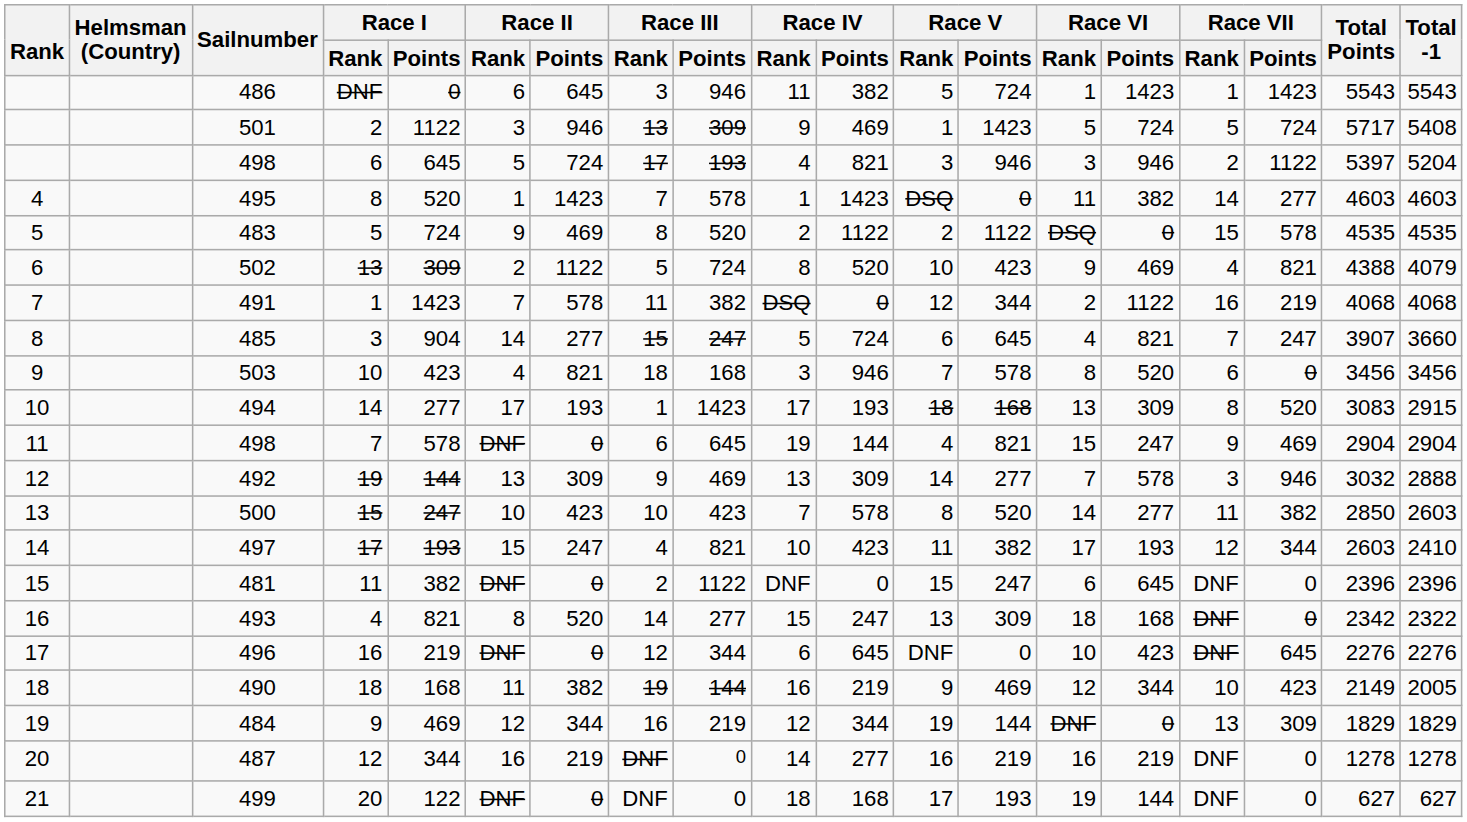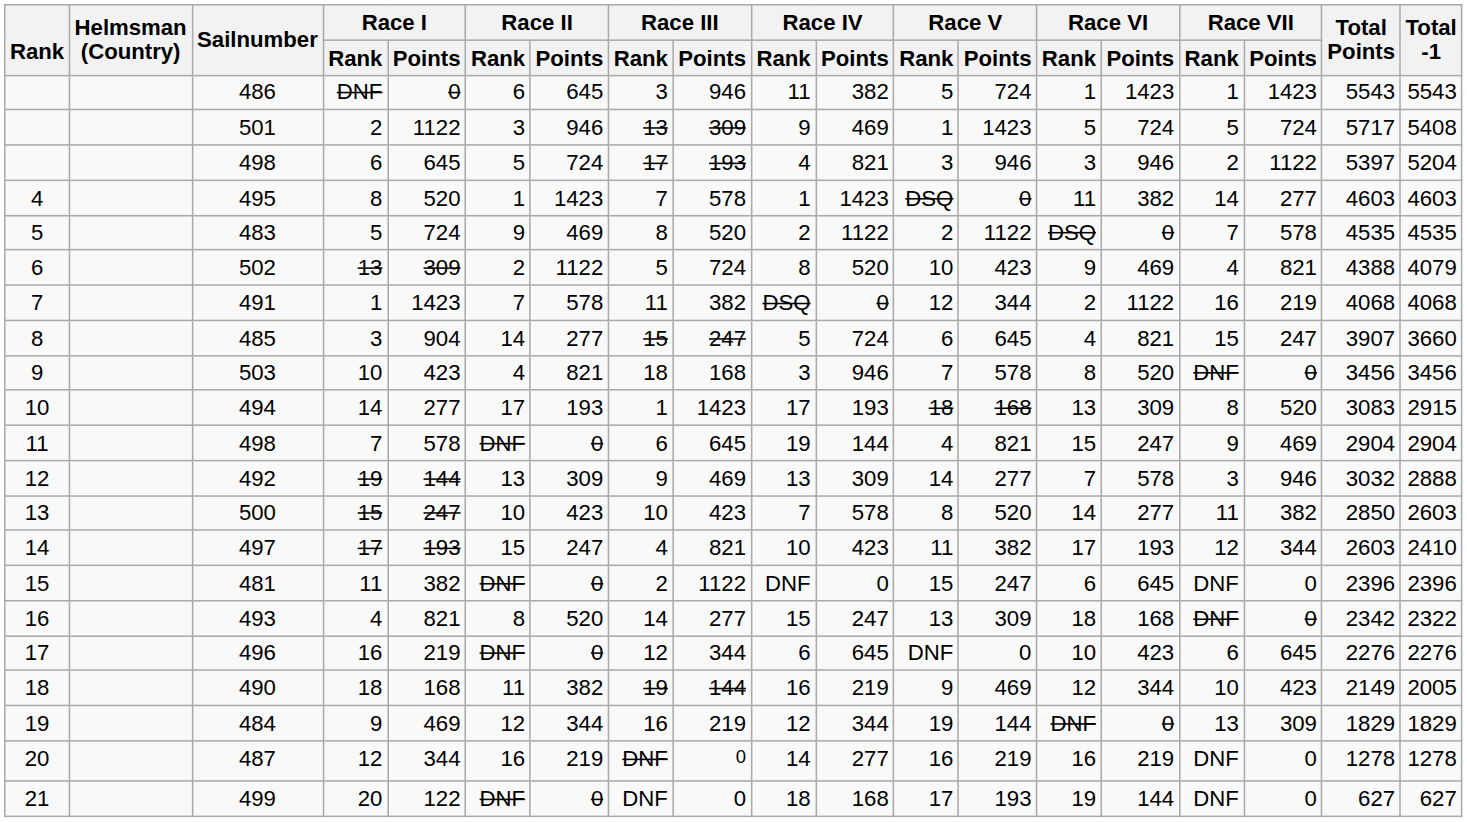 <table class="wikitable" style="text-align:right; font-size:90%">
 <tr>
 <th rowspan="2"><br>Rank</th>
 <th rowspan="2">Helmsman (Country)</th>
 <th rowspan="2">Sailnumber </th>
 <th colspan="2">Race I</th>
 <th colspan="2">Race II</th>
 <th colspan="2">Race III</th>
 <th colspan="2">Race IV</th>
 <th colspan="2">Race V</th>
 <th colspan="2">Race VI</th>
 <th colspan="2">Race VII</th>
 <th rowspan="2">Total<br>Points <br></th>
 <th rowspan="2">Total<br>-1<br></th>
 </tr>
 <tr>
 <th>Rank</th>
 <th>Points</th>
 <th>Rank</th>
 <th>Points</th>
 <th>Rank</th>
 <th>Points</th>
 <th>Rank</th>
 <th>Points</th>
 <th>Rank</th>
 <th>Points</th>
 <th>Rank</th>
 <th>Points</th>
 <th>Rank</th>
 <th>Points</th>
 </tr>
 <tr style="vertical-align:top;">
 <td align=center></td>
 <td align=left></td>
 <td align=center>486</td>
 <td><s>DNF</s></td>
 <td><s>0</s></td>
 <td>6</td>
 <td>645</td>
 <td>3</td>
 <td>946</td>
 <td>11</td>
 <td>382</td>
 <td>5</td>
 <td>724</td>
 <td>1</td>
 <td>1423</td>
 <td>1</td>
 <td>1423</td>
 <td>5543</td>
 <td>5543</td>
 </tr>
 <tr style=vertical-align:top;>
 <td align=center></td>
 <td align=left></td>
 <td align=center>501</td>
 <td>2</td>
 <td>1122</td>
 <td>3</td>
 <td>946</td>
 <td><s>13</s></td>
 <td><s>309</s></td>
 <td>9</td>
 <td>469</td>
 <td>1</td>
 <td>1423</td>
 <td>5</td>
 <td>724</td>
 <td>5</td>
 <td>724</td>
 <td>5717</td>
 <td>5408</td>
 </tr>
 <tr style=vertical-align:top;>
 <td align=center></td>
 <td align=left></td>
 <td align=center>498</td>
 <td>6</td>
 <td>645</td>
 <td>5</td>
 <td>724</td>
 <td><s>17</s></td>
 <td><s>193</s></td>
 <td>4</td>
 <td>821</td>
 <td>3</td>
 <td>946</td>
 <td>3</td>
 <td>946</td>
 <td>2</td>
 <td>1122</td>
 <td>5397</td>
 <td>5204</td>
 </tr>
 <tr style=vertical-align:top;>
 <td align=center>4</td>
 <td align=left></td>
 <td align=center>495</td>
 <td>8</td>
 <td>520</td>
 <td>1</td>
 <td>1423</td>
 <td>7</td>
 <td>578</td>
 <td>1</td>
 <td>1423</td>
 <td><s>DSQ</s></td>
 <td><s>0</s></td>
 <td>11</td>
 <td>382</td>
 <td>14</td>
 <td>277</td>
 <td>4603</td>
 <td>4603</td>
 </tr>
 <tr style=vertical-align:top;>
 <td align=center>5</td>
 <td align=left></td>
 <td align=center>483</td>
 <td>5</td>
 <td>724</td>
 <td>9</td>
 <td>469</td>
 <td>8</td>
 <td>520</td>
 <td>2</td>
 <td>1122</td>
 <td>2</td>
 <td>1122</td>
 <td><s>DSQ</s></td>
 <td><s>0</s></td>
-<td>15</td>
+<td>7</td>
 <td>578</td>
 <td>4535</td>
 <td>4535</td>
 </tr>
 <tr style=vertical-align:top;>
 <td align=center>6</td>
 <td align=left></td>
 <td align=center>502</td>
 <td><s>13</s></td>
 <td><s>309</s></td>
 <td>2</td>
 <td>1122</td>
 <td>5</td>
 <td>724</td>
 <td>8</td>
 <td>520</td>
 <td>10</td>
 <td>423</td>
 <td>9</td>
 <td>469</td>
 <td>4</td>
 <td>821</td>
 <td>4388</td>
 <td>4079</td>
 </tr>
 <tr style=vertical-align:top;>
 <td align=center>7</td>
 <td align=left></td>
 <td align=center>491</td>
 <td>1</td>
 <td>1423</td>
 <td>7</td>
 <td>578</td>
 <td>11</td>
 <td>382</td>
 <td><s>DSQ</s></td>
 <td><s>0</s></td>
 <td>12</td>
 <td>344</td>
 <td>2</td>
 <td>1122</td>
 <td>16</td>
 <td>219</td>
 <td>4068</td>
 <td>4068</td>
 </tr>
 <tr style=vertical-align:top;>
 <td align=center>8</td>
 <td align=left></td>
 <td align=center>485</td>
 <td>3</td>
 <td>904</td>
 <td>14</td>
 <td>277</td>
 <td><s>15</s></td>
 <td><s>247</s></td>
 <td>5</td>
 <td>724</td>
 <td>6</td>
 <td>645</td>
 <td>4</td>
 <td>821</td>
-<td>7</td>
+<td>15</td>
 <td>247</td>
 <td>3907</td>
 <td>3660</td>
 </tr>
 <tr style=vertical-align:top;>
 <td align=center>9</td>
 <td align=left></td>
 <td align=center>503</td>
 <td>10</td>
 <td>423</td>
 <td>4</td>
 <td>821</td>
 <td>18</td>
 <td>168</td>
 <td>3</td>
 <td>946</td>
 <td>7</td>
 <td>578</td>
 <td>8</td>
 <td>520</td>
-<td>6</td>
+<td><s>DNF</s></td>
 <td><s>0</s></td>
 <td>3456</td>
 <td>3456</td>
 </tr>
 <tr style=vertical-align:top;>
 <td align=center>10</td>
 <td align=left></td>
 <td align=center>494</td>
 <td>14</td>
 <td>277</td>
 <td>17</td>
 <td>193</td>
 <td>1</td>
 <td>1423</td>
 <td>17</td>
 <td>193</td>
 <td><s>18</s></td>
 <td><s>168</s></td>
 <td>13</td>
 <td>309</td>
 <td>8</td>
 <td>520</td>
 <td>3083</td>
 <td>2915</td>
 </tr>
 <tr style=vertical-align:top;>
 <td align=center>11</td>
 <td align=left></td>
 <td align=center>498</td>
 <td>7</td>
 <td>578</td>
 <td><s>DNF</s></td>
 <td><s>0</s></td>
 <td>6</td>
 <td>645</td>
 <td>19</td>
 <td>144</td>
 <td>4</td>
 <td>821</td>
 <td>15</td>
 <td>247</td>
 <td>9</td>
 <td>469</td>
 <td>2904</td>
 <td>2904</td>
 </tr>
 <tr style=vertical-align:top;>
 <td align=center>12</td>
 <td align=left></td>
 <td align=center>492</td>
 <td><s>19</s></td>
 <td><s>144</s></td>
 <td>13</td>
 <td>309</td>
 <td>9</td>
 <td>469</td>
 <td>13</td>
 <td>309</td>
 <td>14</td>
 <td>277</td>
 <td>7</td>
 <td>578</td>
 <td>3</td>
 <td>946</td>
 <td>3032</td>
 <td>2888</td>
 </tr>
 <tr style=vertical-align:top;>
 <td align=center>13</td>
 <td align=left></td>
 <td align=center>500</td>
 <td><s>15</s></td>
 <td><s>247</s></td>
 <td>10</td>
 <td>423</td>
 <td>10</td>
 <td>423</td>
 <td>7</td>
 <td>578</td>
 <td>8</td>
 <td>520</td>
 <td>14</td>
 <td>277</td>
 <td>11</td>
 <td>382</td>
 <td>2850</td>
 <td>2603</td>
 </tr>
 <tr style=vertical-align:top;>
 <td align=center>14</td>
 <td align=left></td>
 <td align=center>497</td>
 <td><s>17</s></td>
 <td><s>193</s></td>
 <td>15</td>
 <td>247</td>
 <td>4</td>
 <td>821</td>
 <td>10</td>
 <td>423</td>
 <td>11</td>
 <td>382</td>
 <td>17</td>
 <td>193</td>
 <td>12</td>
 <td>344</td>
 <td>2603</td>
 <td>2410</td>
 </tr>
 <tr style=vertical-align:top;>
 <td align=center>15</td>
 <td align=left></td>
 <td align=center>481</td>
 <td>11</td>
 <td>382</td>
 <td><s>DNF</s></td>
 <td><s>0</s></td>
 <td>2</td>
 <td>1122</td>
 <td>DNF</td>
 <td>0</td>
 <td>15</td>
 <td>247</td>
 <td>6</td>
 <td>645</td>
 <td>DNF</td>
 <td>0</td>
 <td>2396</td>
 <td>2396</td>
 </tr>
 <tr style=vertical-align:top;>
 <td align=center>16</td>
 <td align=left></td>
 <td align=center>493</td>
 <td>4</td>
 <td>821</td>
 <td>8</td>
 <td>520</td>
 <td>14</td>
 <td>277</td>
 <td>15</td>
 <td>247</td>
 <td>13</td>
 <td>309</td>
 <td>18</td>
 <td>168</td>
 <td><s>DNF</s></td>
 <td><s>0</s></td>
 <td>2342</td>
 <td>2322</td>
 </tr>
 <tr style=vertical-align:top;>
 <td align=center>17</td>
 <td align=left></td>
 <td align=center>496</td>
 <td>16</td>
 <td>219</td>
 <td><s>DNF</s></td>
 <td><s>0</s></td>
 <td>12</td>
 <td>344</td>
 <td>6</td>
 <td>645</td>
 <td>DNF</td>
 <td>0</td>
 <td>10</td>
 <td>423</td>
-<td><s>DNF</s></td>
+<td>6</td>
 <td>645</td>
 <td>2276</td>
 <td>2276</td>
 </tr>
 <tr style=vertical-align:top;>
 <td align=center>18</td>
 <td align=left></td>
 <td align=center>490</td>
 <td>18</td>
 <td>168</td>
 <td>11</td>
 <td>382</td>
 <td><s>19</s></td>
 <td><s>144</s></td>
 <td>16</td>
 <td>219</td>
 <td>9</td>
 <td>469</td>
 <td>12</td>
 <td>344</td>
 <td>10</td>
 <td>423</td>
 <td>2149</td>
 <td>2005</td>
 </tr>
 <tr style=vertical-align:top;>
 <td align=center>19</td>
 <td align=left></td>
 <td align=center>484</td>
 <td>9</td>
 <td>469</td>
 <td>12</td>
 <td>344</td>
 <td>16</td>
 <td>219</td>
 <td>12</td>
 <td>344</td>
 <td>19</td>
 <td>144</td>
 <td><s>DNF</s></td>
 <td><s>0</s></td>
 <td>13</td>
 <td>309</td>
 <td>1829</td>
 <td>1829</td>
 </tr>
 <tr style=vertical-align:top;>
 <td align=center>20</td>
 <td align=left></td>
 <td align=center>487</td>
 <td>12</td>
 <td>344</td>
 <td>16</td>
 <td>219</td>
 <td><s>DNF</s></td>
 <td><sup>0</sup></td>
 <td>14</td>
 <td>277</td>
 <td>16</td>
 <td>219</td>
 <td>16</td>
 <td>219</td>
 <td>DNF</td>
 <td>0</td>
 <td>1278</td>
 <td>1278</td>
 </tr>
 <tr style=vertical-align:top;>
 <td align=center>21</td>
 <td align=left></td>
 <td align=center>499</td>
 <td>20</td>
 <td>122</td>
 <td><s>DNF</s></td>
 <td><s>0</s></td>
 <td>DNF</td>
 <td>0</td>
 <td>18</td>
 <td>168</td>
 <td>17</td>
 <td>193</td>
 <td>19</td>
 <td>144</td>
 <td>DNF</td>
 <td>0</td>
 <td>627</td>
 <td>627</td>
 </tr>
 </table>
